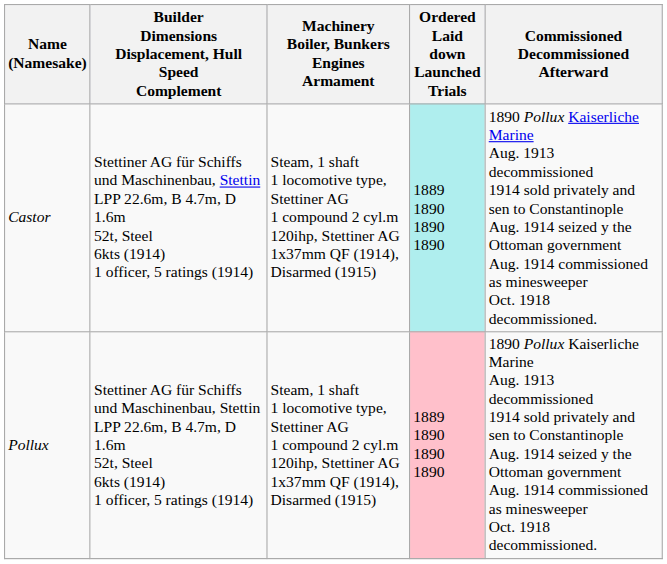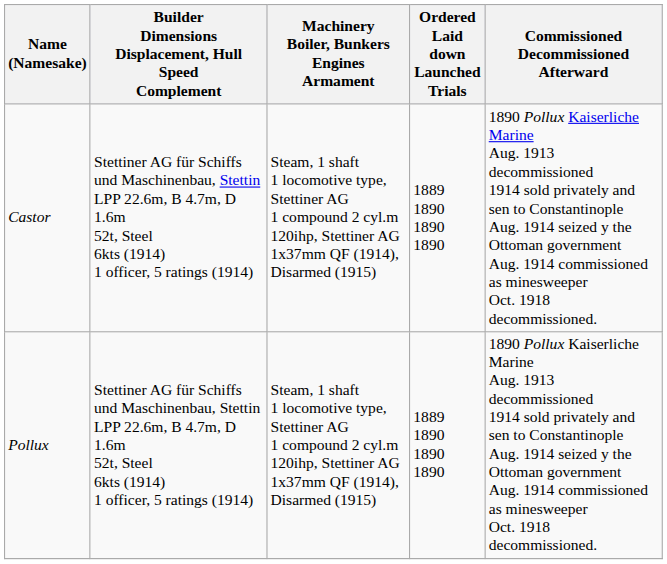 <table class="wikitable" style="font-size:90%;">
 <tr bgcolor="#e6e9ff">
 <th>Name<br>(Namesake)</th>
 <th>Builder<br>Dimensions<br>Displacement, Hull<br>Speed<br>Complement</th>
 <th>Machinery<br>Boiler, Bunkers<br>Engines<br>Armament</th>
 <th>Ordered<br>Laid down<br>Launched<br>Trials</th>
 <th>Commissioned<br>Decommissioned<br>Afterward</th>
 </tr>
 <tr ---->
 <td><em>Castor</em></td>
 <td> Stettiner AG für Schiffs und Maschinenbau, <a href='#'>Stettin</a><br>LPP 22.6m, B 4.7m, D 1.6m<br>52t, Steel<br>6kts (1914)<br>1 officer, 5 ratings (1914)</td>
 <td>Steam, 1 shaft<br>1 locomotive type, Stettiner AG<br>1 compound 2 cyl.m 120ihp, Stettiner AG<br>1x37mm QF (1914), Disarmed (1915)</td>
-<td style="background: paleturquoise;">1889<br>1890<br>1890<br>1890</td>
+<td>1889<br>1890<br>1890<br>1890</td>
 <td>1890 <em>Pollux</em> <a href='#'>Kaiserliche Marine</a><br>Aug. 1913 decommissioned<br>1914 sold privately and sen to Constantinople<br>Aug. 1914 seized y the Ottoman government<br>Aug. 1914 commissioned as minesweeper<br>Oct. 1918 decommissioned.</td>
 </tr>
 <tr ---->
 <td><em>Pollux</em></td>
 <td> Stettiner AG für Schiffs und Maschinenbau, Stettin<br>LPP 22.6m, B 4.7m, D 1.6m<br>52t, Steel<br>6kts (1914)<br>1 officer, 5 ratings (1914)</td>
 <td>Steam, 1 shaft<br>1 locomotive type, Stettiner AG<br>1 compound 2 cyl.m 120ihp, Stettiner AG<br>1x37mm QF (1914), Disarmed (1915)</td>
-<td style="background: pink;">1889<br>1890<br>1890<br>1890</td>
+<td>1889<br>1890<br>1890<br>1890</td>
 <td>1890 <em>Pollux</em> Kaiserliche Marine<br>Aug. 1913 decommissioned<br>1914 sold privately and sen to Constantinople<br>Aug. 1914 seized y the Ottoman government<br>Aug. 1914 commissioned as minesweeper<br>Oct. 1918 decommissioned.</td>
 </tr>
 <tr ---->
 </tr>
 </table>
